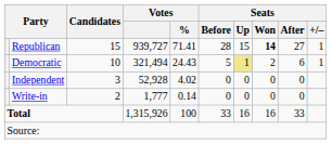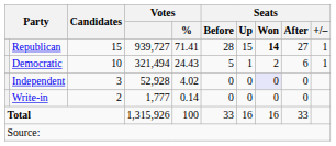 <table class="wikitable">
 <tr>
 <th rowspan="2" colspan="2">Party</th>
 <th rowspan="2">Candidates</th>
 <th colspan="2">Votes</th>
 <th colspan="5">Seats</th>
 </tr>
 <tr>
 <th></th>
 <th>%</th>
 <th>Before</th>
 <th>Up</th>
 <th>Won</th>
 <th>After</th>
 <th>+/–</th>
 </tr>
 <tr>
 <th style="background-color:"></th>
 <td><a href='#'>Republican</a></td>
 <td align="right">15</td>
 <td align="right">939,727</td>
 <td align="right">71.41</td>
 <td align="right">28</td>
 <td align="right">15</td>
 <td align="right"><strong>14</strong></td>
 <td align="right">27</td>
 <td align="right"> 1</td>
 </tr>
 <tr>
 <th style="background-color:"></th>
 <td><a href='#'>Democratic</a></td>
 <td align="right">10</td>
 <td align="right">321,494</td>
 <td align="right">24.43</td>
 <td align="right">5</td>
-<td align="right" style="background: khaki;">1</td>
+<td align="right">1</td>
 <td align="right">2</td>
 <td align="right">6</td>
 <td align="right"> 1</td>
 </tr>
 <tr>
 <th style="background-color:"></th>
 <td><a href='#'>Independent</a></td>
 <td align="right">3</td>
 <td align="right">52,928</td>
 <td align="right">4.02</td>
 <td align="right">0</td>
 <td align="right">0</td>
-<td align="right">0</td>
+<td align="right" style="background: lavender;">0</td>
 <td align="right">0</td>
 <td align="right"></td>
 </tr>
 <tr>
 <th style="background-color:"></th>
 <td><a href='#'>Write-in</a></td>
 <td align="right">2</td>
 <td align="right">1,777</td>
 <td align="right">0.14</td>
 <td align="right">0</td>
 <td align="right">0</td>
 <td align="right">0</td>
 <td align="right">0</td>
 <td align="right"></td>
 </tr>
 <tr>
 <td colspan="3" align="left"><strong>Total</strong></td>
 <td align="right">1,315,926</td>
 <td align="right">100</td>
 <td align="right">33</td>
 <td align="right">16</td>
 <td align="right">16</td>
 <td align="right">33</td>
 <td align="right"></td>
 </tr>
 <tr>
 <td colspan="10">Source: </td>
 </tr>
 </table>
